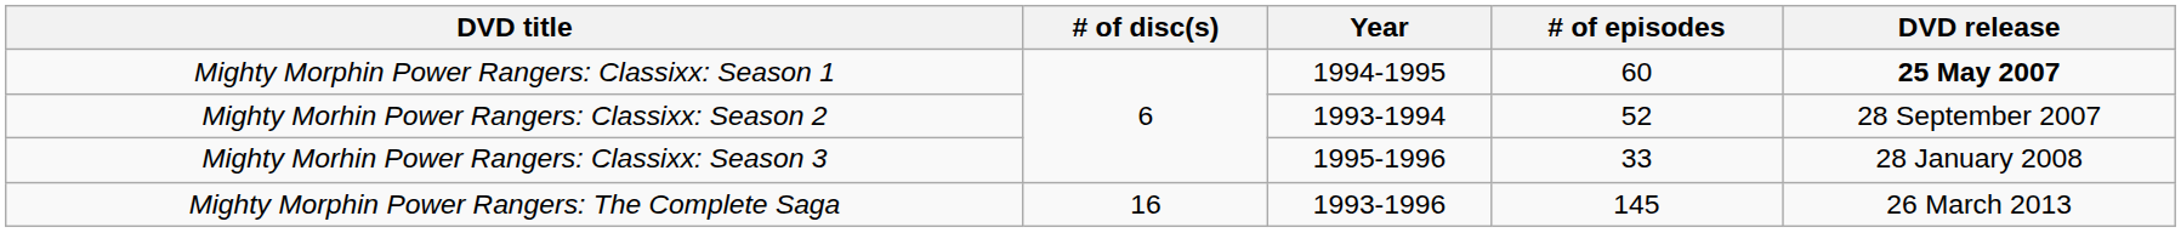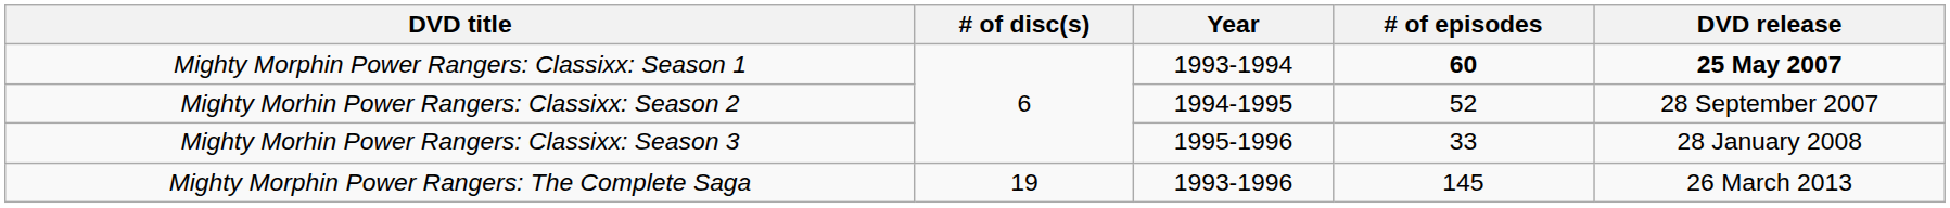 <table class="wikitable"  style="width:99%; left:0 auto; text-align:center;">
 <tr>
 <th>DVD title</th>
 <th># of disc(s)</th>
 <th>Year</th>
 <th># of episodes</th>
 <th>DVD release</th>
 </tr>
 <tr>
 <td><em>Mighty Morphin Power Rangers: Classixx: Season 1</em></td>
 <td rowspan="3">6</td>
-<td>1994-1995</td>
-<td>60</td>
+<td>1993-1994</td>
+<td><strong>60</strong></td>
 <td><strong>25 May 2007</strong></td>
 </tr>
 <tr>
 <td><em>Mighty Morhin Power Rangers: Classixx: Season 2</em></td>
-<td>1993-1994</td>
+<td>1994-1995</td>
 <td>52</td>
 <td>28 September 2007</td>
 </tr>
 <tr>
 <td><em>Mighty Morhin Power Rangers: Classixx: Season 3</em></td>
 <td>1995-1996</td>
 <td>33</td>
 <td>28 January 2008</td>
 </tr>
 <tr>
 <td><em>Mighty Morphin Power Rangers: The Complete Saga</em></td>
-<td>16</td>
+<td>19</td>
 <td>1993-1996</td>
 <td>145</td>
 <td>26 March 2013</td>
 </tr>
 </table>
